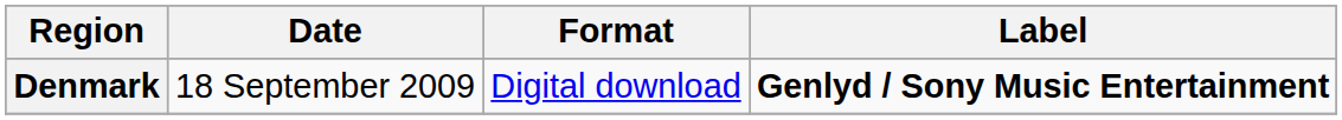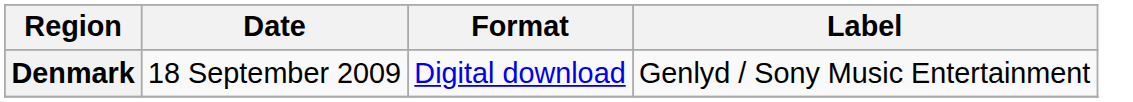 <table class="wikitable plainrowheaders">
 <tr>
 <th scope="col">Region</th>
 <th scope="col">Date</th>
 <th scope="col">Format</th>
 <th scope="col">Label</th>
 </tr>
 <tr>
 <th scope="row">Denmark</th>
 <td>18 September 2009</td>
 <td><a href='#'>Digital download</a></td>
-<td><strong>Genlyd / Sony Music Entertainment</strong></td>
+<td>Genlyd / Sony Music Entertainment</td>
 </tr>
 <tr>
 </tr>
 </table>
